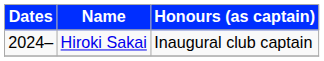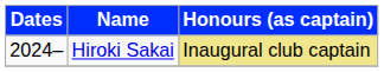 <table class="wikitable">
 <tr>
 <th style="color:#FFFFFF; background:#002EFF;">Dates</th>
 <th style="color:#FFFFFF; background:#002EFF;">Name</th>
 <th style="color:#FFFFFF; background:#002EFF;">Honours (as captain)</th>
 </tr>
 <tr>
 <td>2024–</td>
 <td> <a href='#'>Hiroki Sakai</a></td>
-<td>Inaugural club captain</td>
+<td style="background: khaki;">Inaugural club captain</td>
 </tr>
 <tr>
 </tr>
 </table>
